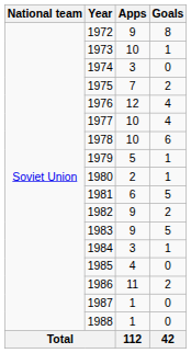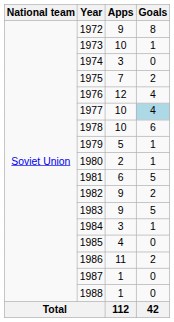 <table class="wikitable" style="text-align:center">
 <tr>
 <th>National team</th>
 <th>Year</th>
 <th width="40">Apps</th>
 <th width="40">Goals</th>
 </tr>
 <tr>
 <td rowspan="17"><a href='#'>Soviet Union</a></td>
 <td>1972</td>
 <td>9</td>
 <td>8</td>
 </tr>
 <tr>
 <td>1973</td>
 <td>10</td>
 <td>1</td>
 </tr>
 <tr>
 <td>1974</td>
 <td>3</td>
 <td>0</td>
 </tr>
 <tr>
 <td>1975</td>
 <td>7</td>
 <td>2</td>
 </tr>
 <tr>
 <td>1976</td>
 <td>12</td>
 <td>4</td>
 </tr>
 <tr>
 <td>1977</td>
 <td>10</td>
-<td>4</td>
+<td style="background: lightblue;">4</td>
 </tr>
 <tr>
 <td>1978</td>
 <td>10</td>
 <td>6</td>
 </tr>
 <tr>
 <td>1979</td>
 <td>5</td>
 <td>1</td>
 </tr>
 <tr>
 <td>1980</td>
 <td>2</td>
 <td>1</td>
 </tr>
 <tr>
 <td>1981</td>
 <td>6</td>
 <td>5</td>
 </tr>
 <tr>
 <td>1982</td>
 <td>9</td>
 <td>2</td>
 </tr>
 <tr>
 <td>1983</td>
 <td>9</td>
 <td>5</td>
 </tr>
 <tr>
 <td>1984</td>
 <td>3</td>
 <td>1</td>
 </tr>
 <tr>
 <td>1985</td>
 <td>4</td>
 <td>0</td>
 </tr>
 <tr>
 <td>1986</td>
 <td>11</td>
 <td>2</td>
 </tr>
 <tr>
 <td>1987</td>
 <td>1</td>
 <td>0</td>
 </tr>
 <tr>
 <td>1988</td>
 <td>1</td>
 <td>0</td>
 </tr>
 <tr>
 <th colspan="2">Total</th>
 <th>112</th>
 <th>42</th>
 </tr>
 </table>
